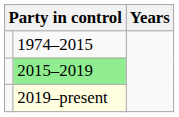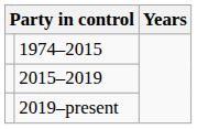 <table class="wikitable">
 <tr>
 <th colspan="2">Party in control</th>
 <th>Years</th>
 </tr>
 <tr>
 <td></td>
 <td>1974–2015</td>
 </tr>
 <tr>
 <td></td>
-<td style="background: lightgreen;">2015–2019</td>
+<td>2015–2019</td>
 </tr>
 <tr>
 <td></td>
-<td style="background: lightyellow;">2019–present</td>
+<td>2019–present</td>
 </tr>
 </table>
